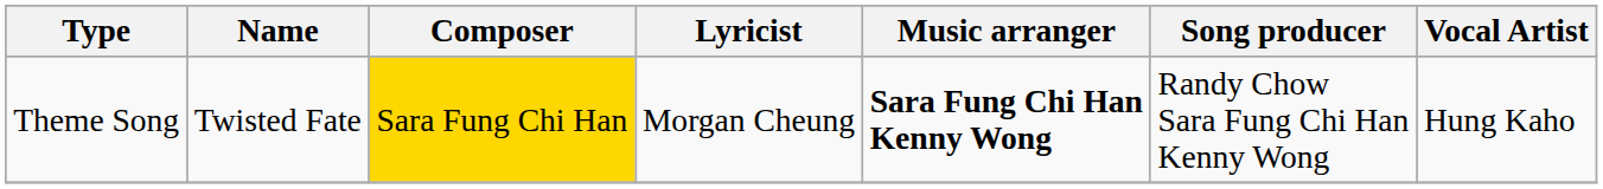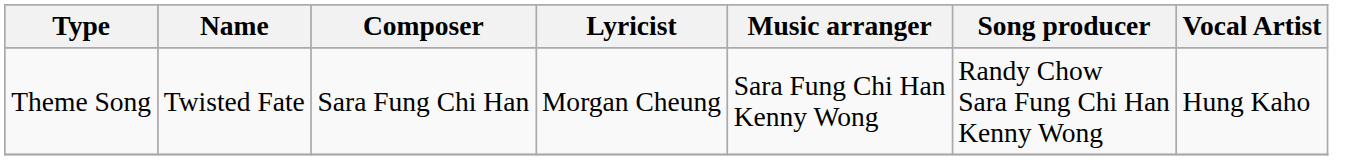 <table class="wikitable">
 <tr>
 <th>Type</th>
 <th>Name</th>
 <th>Composer</th>
 <th>Lyricist</th>
 <th>Music arranger</th>
 <th>Song producer</th>
 <th>Vocal Artist</th>
 </tr>
 <tr>
 <td>Theme Song</td>
 <td>Twisted Fate</td>
-<td style="background: gold;">Sara Fung Chi Han</td>
+<td>Sara Fung Chi Han</td>
 <td>Morgan Cheung</td>
-<td><strong>Sara Fung Chi Han<br>Kenny Wong</strong></td>
+<td>Sara Fung Chi Han<br>Kenny Wong</td>
 <td>Randy Chow<br>Sara Fung Chi Han<br>Kenny Wong</td>
 <td>Hung Kaho</td>
 </tr>
 <tr>
 </tr>
 </table>
